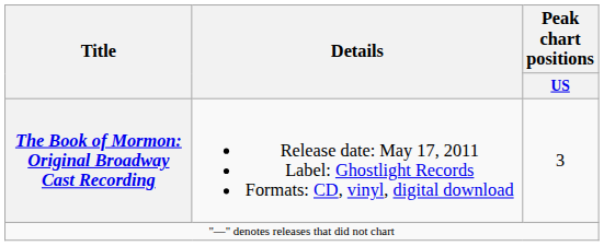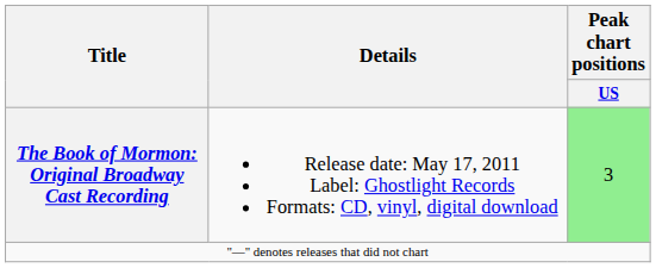 <table class="wikitable plainrowheaders" style="text-align:center;">
 <tr>
 <th rowspan="2" style="width:10em;">Title</th>
 <th rowspan="2" style="width:18em;">Details</th>
 <th colspan="1">Peak chart positions</th>
 </tr>
 <tr style="font-size:smaller;">
 <th style="width:45px;"><a href='#'>US</a><br></th>
 </tr>
 <tr>
 <th scope="row"><em><a href='#'>The Book of Mormon: Original Broadway Cast Recording</a></em></th>
 <td><br><ul><li>Release date: May 17, 2011</li><li>Label: <a href='#'>Ghostlight Records</a></li><li>Formats: <a href='#'>CD</a>, <a href='#'>vinyl</a>, <a href='#'>digital download</a></li></ul></td>
-<td>3</td>
+<td style="background: lightgreen;">3</td>
 </tr>
 <tr>
 <td colspan="10" style="font-size:8pt">"—" denotes releases that did not chart</td>
 </tr>
 </table>
